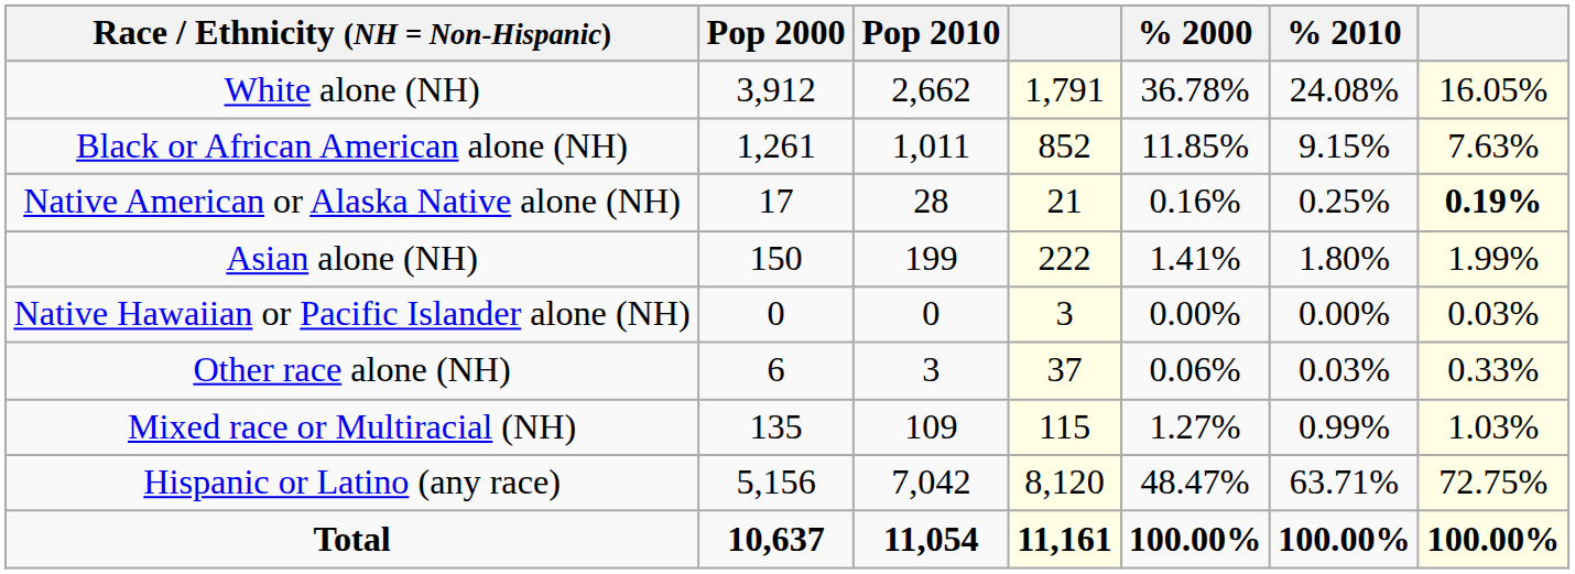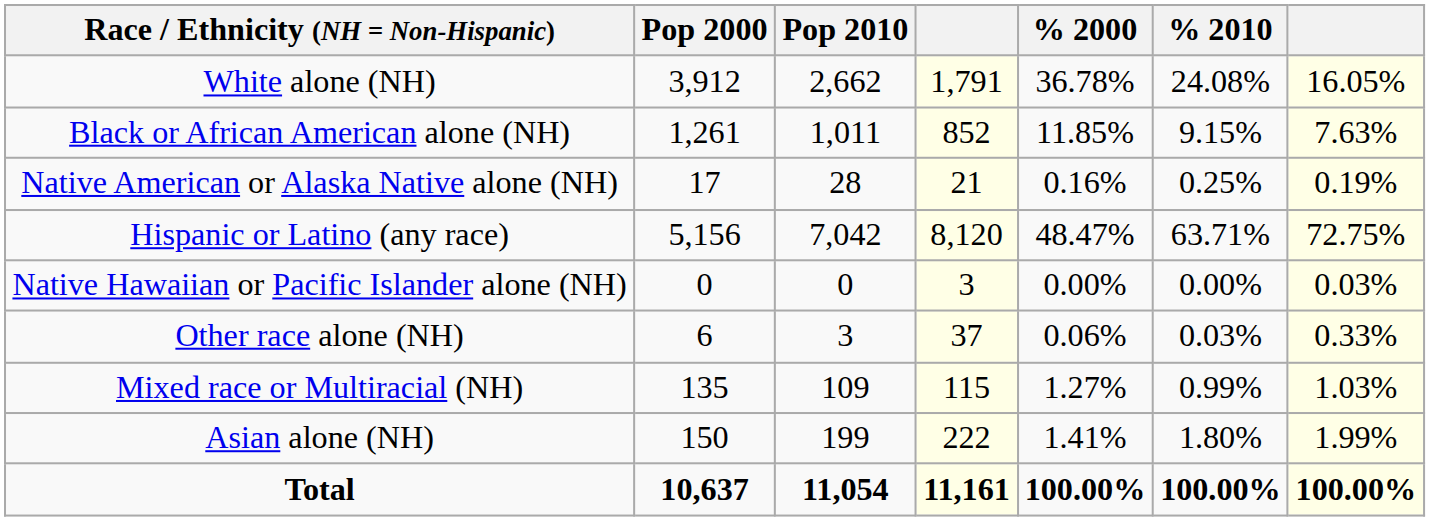 <table class="wikitable" style="text-align:center;">
 <tr>
 <th>Race / Ethnicity <small>(<em>NH = Non-Hispanic</em>)</small></th>
 <th>Pop 2000</th>
 <th>Pop 2010</th>
 <th></th>
 <th>% 2000</th>
 <th>% 2010</th>
 <th></th>
 </tr>
 <tr>
 <td><a href='#'>White</a> alone (NH)</td>
 <td>3,912</td>
 <td>2,662</td>
 <td style='background: #ffffe6;'>1,791</td>
 <td>36.78%</td>
 <td>24.08%</td>
 <td style='background: #ffffe6;'>16.05%</td>
 </tr>
 <tr>
 <td><a href='#'>Black or African American</a> alone (NH)</td>
 <td>1,261</td>
 <td>1,011</td>
 <td style='background: #ffffe6;'>852</td>
 <td>11.85%</td>
 <td>9.15%</td>
 <td style='background: #ffffe6;'>7.63%</td>
 </tr>
 <tr>
 <td><a href='#'>Native American</a> or <a href='#'>Alaska Native</a> alone (NH)</td>
 <td>17</td>
 <td>28</td>
 <td style='background: #ffffe6;'>21</td>
 <td>0.16%</td>
 <td>0.25%</td>
-<td style='background: #ffffe6;'><strong>0.19%</strong></td>
+<td style='background: #ffffe6;'>0.19%</td>
 </tr>
 <tr>
-<td><a href='#'>Asian</a> alone (NH)</td>
-<td>150</td>
-<td>199</td>
-<td style='background: #ffffe6;'>222</td>
-<td>1.41%</td>
-<td>1.80%</td>
-<td style='background: #ffffe6;'>1.99%</td>
+<td><a href='#'>Hispanic or Latino</a> (any race)</td>
+<td>5,156</td>
+<td>7,042</td>
+<td style='background: #ffffe6;'>8,120</td>
+<td>48.47%</td>
+<td>63.71%</td>
+<td style='background: #ffffe6;'>72.75%</td>
 </tr>
 <tr>
 <td><a href='#'>Native Hawaiian</a> or <a href='#'>Pacific Islander</a> alone (NH)</td>
 <td>0</td>
 <td>0</td>
 <td style='background: #ffffe6;'>3</td>
 <td>0.00%</td>
 <td>0.00%</td>
 <td style='background: #ffffe6;'>0.03%</td>
 </tr>
 <tr>
 <td><a href='#'>Other race</a> alone (NH)</td>
 <td>6</td>
 <td>3</td>
 <td style='background: #ffffe6;'>37</td>
 <td>0.06%</td>
 <td>0.03%</td>
 <td style='background: #ffffe6;'>0.33%</td>
 </tr>
 <tr>
 <td><a href='#'>Mixed race or Multiracial</a> (NH)</td>
 <td>135</td>
 <td>109</td>
 <td style='background: #ffffe6;'>115</td>
 <td>1.27%</td>
 <td>0.99%</td>
 <td style='background: #ffffe6;'>1.03%</td>
 </tr>
 <tr>
-<td><a href='#'>Hispanic or Latino</a> (any race)</td>
-<td>5,156</td>
-<td>7,042</td>
-<td style='background: #ffffe6;'>8,120</td>
-<td>48.47%</td>
-<td>63.71%</td>
-<td style='background: #ffffe6;'>72.75%</td>
+<td><a href='#'>Asian</a> alone (NH)</td>
+<td>150</td>
+<td>199</td>
+<td style='background: #ffffe6;'>222</td>
+<td>1.41%</td>
+<td>1.80%</td>
+<td style='background: #ffffe6;'>1.99%</td>
 </tr>
 <tr>
 <td><strong>Total</strong></td>
 <td><strong>10,637</strong></td>
 <td><strong>11,054</strong></td>
 <td style='background: #ffffe6;'><strong>11,161</strong></td>
 <td><strong>100.00%</strong></td>
 <td><strong>100.00%</strong></td>
 <td style='background: #ffffe6;'><strong>100.00%</strong></td>
 </tr>
 </table>
